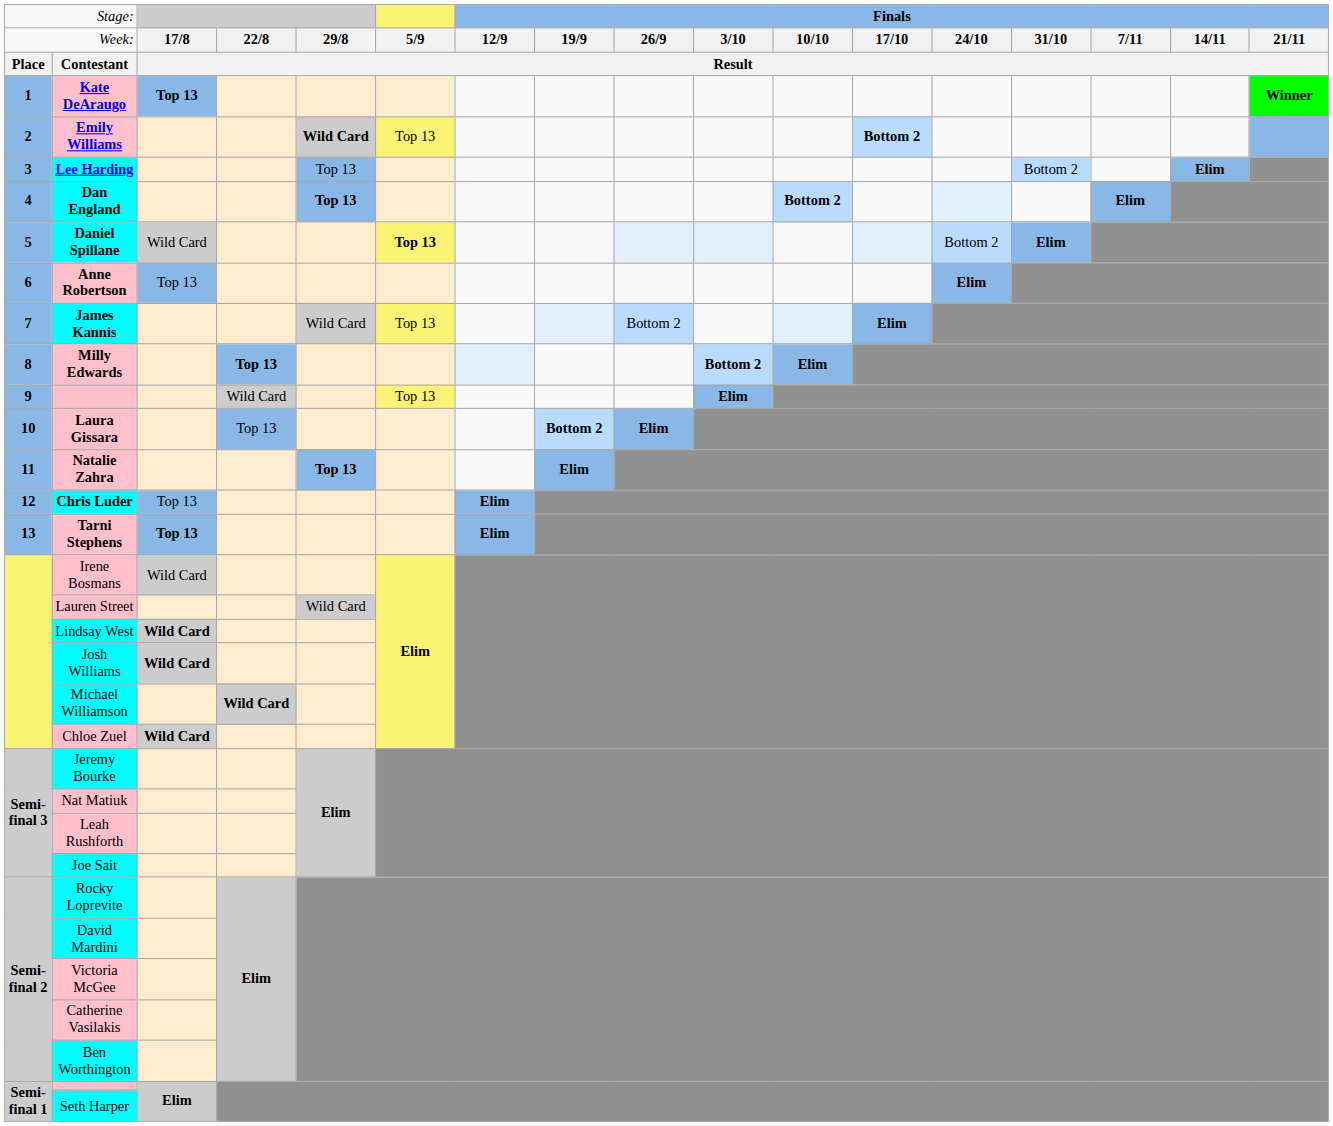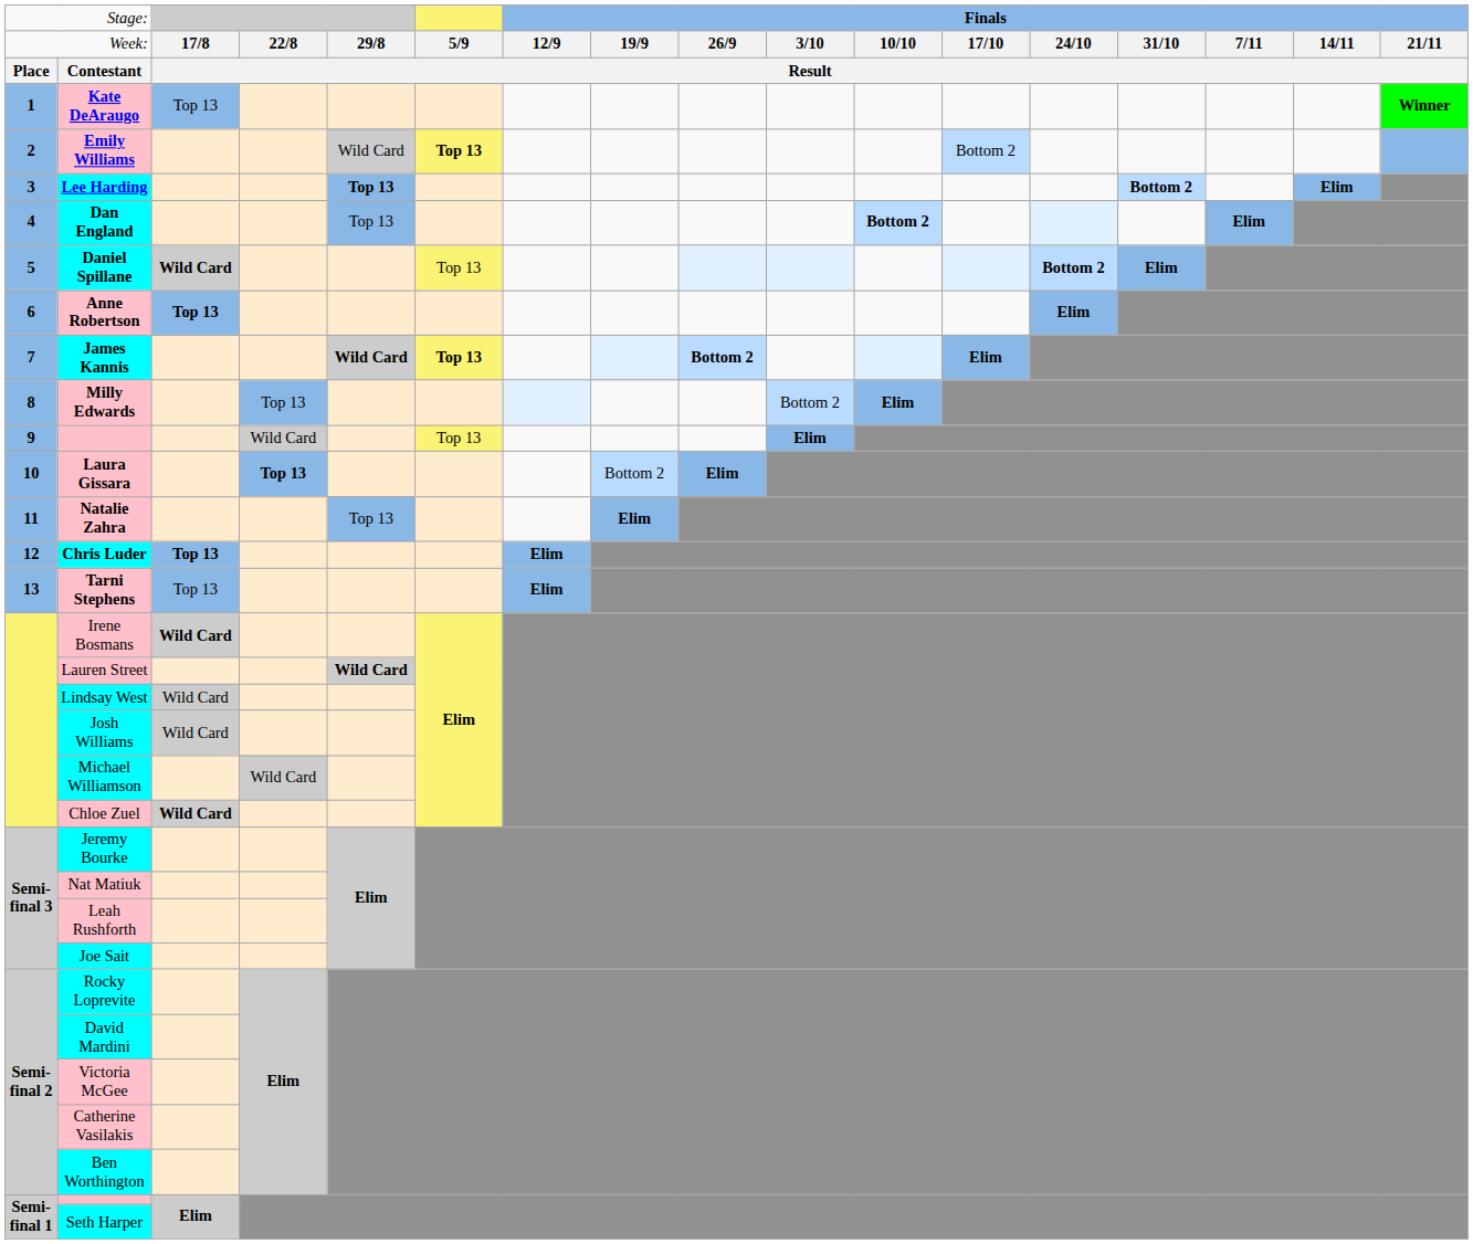 <table class="wikitable" style="text-align:center; font-size:85%">
 <tr>
 <td colspan="2" style="text-align:right;"><em>Stage:</em></td>
 <td colspan="3"  width=6% style="background:#ccc;"></td>
 <td width=6% style="background:#fbf373;"></td>
 <td colspan="12" style="background:#8ab8e6;"><strong>Finals</strong></td>
 </tr>
 <tr>
 <td colspan="2" style="text-align:right;"><em>Week:</em></td>
 <th width=6%>17/8</th>
 <th width=6%>22/8</th>
 <th width=6%>29/8</th>
 <th width=6%>5/9</th>
 <th width=6%>12/9</th>
 <th width=6%>19/9</th>
 <th width=6%>26/9</th>
 <th width=6%>3/10</th>
 <th width=6%>10/10</th>
 <th width=6%>17/10</th>
 <th width=6%>24/10</th>
 <th width=6%>31/10</th>
 <th width=6%>7/11</th>
 <th width=6%>14/11</th>
 <th width=6%>21/11</th>
 </tr>
 <tr>
 <th>Place</th>
 <th>Contestant</th>
 <th colspan="15">Result</th>
 </tr>
 <tr>
 <td style="background:#8ab8e6;"><strong>1</strong></td>
 <td style="background:pink;"><strong><a href='#'>Kate DeAraugo</a></strong></td>
-<td style="background:#8ab8e6;"><strong>Top 13</strong></td>
+<td style="background:#8ab8e6;">Top 13</td>
 <td style="background:#FFEBCD;"></td>
 <td style="background:#FFEBCD;"></td>
 <td style="background:#FFEBCD;"></td>
 <td></td>
 <td></td>
 <td></td>
 <td></td>
 <td></td>
 <td></td>
 <td></td>
 <td></td>
 <td></td>
 <td></td>
 <td style="background:lime;"><strong>Winner</strong></td>
 </tr>
 <tr>
 <td style="background:#8ab8e6;"><strong>2</strong></td>
 <td style="background:pink;"><strong><a href='#'>Emily Williams</a></strong></td>
 <td style="background:#FFEBCD;"></td>
 <td style="background:#FFEBCD;"></td>
-<td style="background:#ccc"><strong>Wild Card</strong></td>
-<td style="background:#fbf373">Top 13</td>
+<td style="background:#ccc">Wild Card</td>
+<td style="background:#fbf373"><strong>Top 13</strong></td>
 <td></td>
 <td></td>
 <td></td>
 <td></td>
 <td></td>
-<td style="background:#b8dbff;"><strong>Bottom 2</strong></td>
+<td style="background:#b8dbff;">Bottom 2</td>
 <td></td>
 <td></td>
 <td></td>
 <td></td>
 <td style="background:#8ab8e6;"></td>
 </tr>
 <tr>
 <td style="background:#8ab8e6;"><strong>3</strong></td>
 <td style="background:cyan;"><strong><a href='#'>Lee Harding</a></strong></td>
 <td style="background:#FFEBCD;"></td>
 <td style="background:#FFEBCD;"></td>
-<td style="background:#8ab8e6;">Top 13</td>
+<td style="background:#8ab8e6;"><strong>Top 13</strong></td>
 <td style="background:#FFEBCD;"></td>
 <td></td>
 <td></td>
 <td></td>
 <td></td>
 <td></td>
 <td></td>
 <td></td>
-<td style="background:#b8dbff;">Bottom 2</td>
+<td style="background:#b8dbff;"><strong>Bottom 2</strong></td>
 <td></td>
 <td style="background:#8ab8e6;"><strong>Elim</strong></td>
 <td style="background:#919191;" colspan="10"></td>
 </tr>
 <tr>
 <td style="background:#8ab8e6;"><strong>4</strong></td>
 <td style="background:cyan;"><strong>Dan England</strong></td>
 <td style="background:#FFEBCD;"></td>
 <td style="background:#FFEBCD;"></td>
-<td style="background:#8ab8e6;"><strong>Top 13</strong></td>
+<td style="background:#8ab8e6;">Top 13</td>
 <td style="background:#FFEBCD;"></td>
 <td></td>
 <td></td>
 <td></td>
 <td></td>
 <td style="background:#b8dbff;"><strong>Bottom 2</strong></td>
 <td></td>
 <td style="background:#e0f0ff;"></td>
 <td></td>
 <td style="background:#8ab8e6;"><strong>Elim</strong></td>
 <td style="background:#919191;" colspan="10"></td>
 </tr>
 <tr>
 <td style="background:#8ab8e6;"><strong>5</strong></td>
 <td style="background:cyan;"><strong>Daniel Spillane</strong></td>
-<td style="background:#ccc">Wild Card</td>
+<td style="background:#ccc"><strong>Wild Card</strong></td>
 <td style="background:#FFEBCD;"></td>
 <td style="background:#FFEBCD;"></td>
-<td style="background:#fbf373"><strong>Top 13</strong></td>
+<td style="background:#fbf373">Top 13</td>
 <td></td>
 <td></td>
 <td style="background:#e0f0ff;"></td>
 <td style="background:#e0f0ff;"></td>
 <td></td>
 <td style="background:#e0f0ff;"></td>
-<td style="background:#b8dbff;">Bottom 2</td>
+<td style="background:#b8dbff;"><strong>Bottom 2</strong></td>
 <td style="background:#8ab8e6;"><strong>Elim</strong></td>
 <td style="background:#919191;" colspan="10"></td>
 </tr>
 <tr>
 <td style="background:#8ab8e6;"><strong>6</strong></td>
 <td style="background:pink;"><strong>Anne Robertson</strong></td>
-<td style="background:#8ab8e6;">Top 13</td>
+<td style="background:#8ab8e6;"><strong>Top 13</strong></td>
 <td style="background:#FFEBCD;"></td>
 <td style="background:#FFEBCD;"></td>
 <td style="background:#FFEBCD;"></td>
 <td></td>
 <td></td>
 <td></td>
 <td></td>
 <td></td>
 <td></td>
 <td style="background:#8ab8e6;"><strong>Elim</strong></td>
 <td style="background:#919191;" colspan="10"></td>
 </tr>
 <tr>
 <td style="background:#8ab8e6;"><strong>7</strong></td>
 <td style="background:cyan;"><strong>James Kannis</strong></td>
 <td style="background:#FFEBCD;"></td>
 <td style="background:#FFEBCD;"></td>
-<td style="background:#ccc">Wild Card</td>
-<td style="background:#fbf373">Top 13</td>
+<td style="background:#ccc"><strong>Wild Card</strong></td>
+<td style="background:#fbf373"><strong>Top 13</strong></td>
 <td></td>
 <td style="background:#e0f0ff;"></td>
-<td style="background:#b8dbff;">Bottom 2</td>
+<td style="background:#b8dbff;"><strong>Bottom 2</strong></td>
 <td></td>
 <td style="background:#e0f0ff;"></td>
 <td style="background:#8ab8e6;"><strong>Elim</strong></td>
 <td style="background:#919191;" colspan="10"></td>
 </tr>
 <tr>
 <td style="background:#8ab8e6;"><strong>8</strong></td>
 <td style="background:pink;"><strong>Milly Edwards</strong></td>
 <td style="background:#FFEBCD;"></td>
-<td style="background:#8ab8e6;"><strong>Top 13</strong></td>
+<td style="background:#8ab8e6;">Top 13</td>
 <td style="background:#FFEBCD;"></td>
 <td style="background:#FFEBCD;"></td>
 <td style="background:#e0f0ff;"></td>
 <td></td>
 <td></td>
-<td style="background:#b8dbff;"><strong>Bottom 2</strong></td>
+<td style="background:#b8dbff;">Bottom 2</td>
 <td style="background:#8ab8e6;"><strong>Elim</strong></td>
 <td style="background:#919191;" colspan="10"></td>
 </tr>
 <tr>
 <td style="background:#8ab8e6;"><strong>9</strong></td>
 <td style="background:pink;"><strong></strong></td>
 <td style="background:#FFEBCD;"></td>
 <td style="background:#ccc">Wild Card</td>
 <td style="background:#FFEBCD;"></td>
 <td style="background:#fbf373">Top 13</td>
 <td></td>
 <td></td>
 <td></td>
 <td style="background:#8ab8e6;"><strong>Elim</strong></td>
 <td style="background:#919191;" colspan="10"></td>
 </tr>
 <tr>
 <td style="background:#8ab8e6;"><strong>10</strong></td>
 <td style="background:pink;"><strong>Laura Gissara</strong></td>
 <td style="background:#FFEBCD;"></td>
-<td style="background:#8ab8e6;">Top 13</td>
+<td style="background:#8ab8e6;"><strong>Top 13</strong></td>
 <td style="background:#FFEBCD;"></td>
 <td style="background:#FFEBCD;"></td>
 <td></td>
-<td style="background:#b8dbff;"><strong>Bottom 2</strong></td>
+<td style="background:#b8dbff;">Bottom 2</td>
 <td style="background:#8ab8e6;"><strong>Elim</strong></td>
 <td style="background:#919191;" colspan="10"></td>
 </tr>
 <tr>
 <td style="background:#8ab8e6;"><strong>11</strong></td>
 <td style="background:pink;"><strong>Natalie Zahra</strong></td>
 <td style="background:#FFEBCD;"></td>
 <td style="background:#FFEBCD;"></td>
-<td style="background:#8ab8e6;"><strong>Top 13</strong></td>
+<td style="background:#8ab8e6;">Top 13</td>
 <td style="background:#FFEBCD;"></td>
 <td></td>
 <td style="background:#8ab8e6;"><strong>Elim</strong></td>
 <td style="background:#919191;" colspan="10"></td>
 </tr>
 <tr>
 <td style="background:#8ab8e6;"><strong>12</strong></td>
 <td style="background:cyan;"><strong>Chris Luder</strong></td>
-<td style="background:#8ab8e6;">Top 13</td>
+<td style="background:#8ab8e6;"><strong>Top 13</strong></td>
 <td style="background:#FFEBCD;"></td>
 <td style="background:#FFEBCD;"></td>
 <td style="background:#FFEBCD;"></td>
 <td style="background:#8ab8e6;"><strong>Elim</strong></td>
 <td style="background:#919191;" colspan="10"></td>
 </tr>
 <tr>
 <td style="background:#8ab8e6;"><strong>13</strong></td>
 <td style="background:pink;"><strong>Tarni Stephens</strong></td>
-<td style="background:#8ab8e6;"><strong>Top 13</strong></td>
+<td style="background:#8ab8e6;">Top 13</td>
 <td style="background:#FFEBCD;"></td>
 <td style="background:#FFEBCD;"></td>
 <td style="background:#FFEBCD;"></td>
 <td style="background:#8ab8e6;"><strong>Elim</strong></td>
 <td style="background:#919191;" colspan="10"></td>
 </tr>
 <tr>
 <td style="background:#fbf373;" rowspan="6"></td>
 <td style="background:pink;">Irene Bosmans</td>
-<td style="background:#ccc">Wild Card</td>
+<td style="background:#ccc"><strong>Wild Card</strong></td>
 <td style="background:#FFEBCD;"></td>
 <td style="background:#FFEBCD;"></td>
 <td style="background:#fbf373;" rowspan="6"><strong>Elim</strong></td>
 <td style="background:#919191;" colspan="12" rowspan="6"></td>
 </tr>
 <tr>
 <td style="background:pink;">Lauren Street</td>
 <td style="background:#FFEBCD;"></td>
 <td style="background:#FFEBCD;"></td>
-<td style="background:#ccc">Wild Card</td>
+<td style="background:#ccc"><strong>Wild Card</strong></td>
 </tr>
 <tr>
 <td style="background:cyan;">Lindsay West</td>
-<td style="background:#ccc"><strong>Wild Card</strong></td>
+<td style="background:#ccc">Wild Card</td>
 <td style="background:#FFEBCD;"></td>
 <td style="background:#FFEBCD;"></td>
 </tr>
 <tr>
 <td style="background:cyan;">Josh Williams</td>
-<td style="background:#ccc"><strong>Wild Card</strong></td>
+<td style="background:#ccc">Wild Card</td>
 <td style="background:#FFEBCD;"></td>
 <td style="background:#FFEBCD;"></td>
 </tr>
 <tr>
 <td style="background:cyan;">Michael Williamson</td>
 <td style="background:#FFEBCD;"></td>
-<td style="background:#ccc"><strong>Wild Card</strong></td>
+<td style="background:#ccc">Wild Card</td>
 <td style="background:#FFEBCD;"></td>
 </tr>
 <tr>
 <td style="background:pink;">Chloe Zuel</td>
 <td style="background:#ccc"><strong>Wild Card</strong></td>
 <td style="background:#FFEBCD;"></td>
 <td style="background:#FFEBCD;"></td>
 </tr>
 <tr>
 <td style="background:#ccc;" rowspan="4"><strong>Semi-final 3</strong></td>
 <td style="background:cyan;">Jeremy Bourke</td>
 <td style="background:#FFEBCD;"></td>
 <td style="background:#FFEBCD;"></td>
 <td style="background:#ccc;" rowspan="4"><strong>Elim</strong></td>
 <td style="background:#919191;" colspan="13" rowspan="4"></td>
 </tr>
 <tr>
 <td style="background:pink;">Nat Matiuk</td>
 <td style="background:#FFEBCD;"></td>
 <td style="background:#FFEBCD;"></td>
 </tr>
 <tr>
 <td style="background:pink;">Leah Rushforth</td>
 <td style="background:#FFEBCD;"></td>
 <td style="background:#FFEBCD;"></td>
 </tr>
 <tr>
 <td style="background:cyan;">Joe Sait</td>
 <td style="background:#FFEBCD;"></td>
 <td style="background:#FFEBCD;"></td>
 </tr>
 <tr>
 <td style="background:#ccc;" rowspan="5"><strong>Semi-final 2</strong></td>
 <td style="background:cyan;">Rocky Loprevite</td>
 <td style="background:#FFEBCD;"></td>
 <td style="background:#ccc;" rowspan="5"><strong>Elim</strong></td>
 <td style="background:#919191;" colspan="13" rowspan="5"></td>
 </tr>
 <tr>
 <td style="background:cyan;">David Mardini</td>
 <td style="background:#FFEBCD;"></td>
 </tr>
 <tr>
 <td style="background:pink;">Victoria McGee</td>
 <td style="background:#FFEBCD;"></td>
 </tr>
 <tr>
 <td style="background:pink;">Catherine Vasilakis</td>
 <td style="background:#FFEBCD;"></td>
 </tr>
 <tr>
 <td style="background:cyan;">Ben Worthington</td>
 <td style="background:#FFEBCD;"></td>
 </tr>
 <tr>
 <td style="background:#ccc;" rowspan="2"><strong>Semi-final 1</strong></td>
 <td style="background:pink;"></td>
 <td style="background:#ccc;" rowspan="2"><strong>Elim</strong></td>
 <td style="background:#919191;" colspan="15" rowspan="2"></td>
 </tr>
 <tr>
 <td style="background:cyan;">Seth Harper</td>
 </tr>
 </table>
